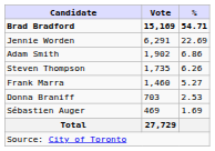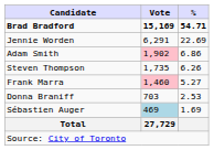 <table class="wikitable">
 <tr>
 <th style="background:#ddf; width:200px;">Candidate</th>
 <th style="background:#ddf; width:50px;">Vote</th>
 <th style="background:#ddf; width:30px;">%</th>
 </tr>
 <tr>
 <td><strong>Brad Bradford</strong></td>
 <td><strong>15,169</strong></td>
 <td><strong>54.71</strong></td>
 </tr>
 <tr>
 <td>Jennie Worden</td>
 <td>6,291</td>
 <td>22.69</td>
 </tr>
 <tr>
 <td>Adam Smith</td>
-<td>1,902</td>
+<td style="background: pink;">1,902</td>
 <td>6.86</td>
 </tr>
 <tr>
 <td>Steven Thompson</td>
 <td>1,735</td>
 <td>6.26</td>
 </tr>
 <tr>
 <td>Frank Marra</td>
-<td>1,460</td>
+<td style="background: pink;">1,460</td>
 <td>5.27</td>
 </tr>
 <tr>
 <td>Donna Braniff</td>
 <td>703</td>
 <td>2.53</td>
 </tr>
 <tr>
 <td>Sébastien Auger</td>
-<td>469</td>
+<td style="background: lightblue;">469</td>
 <td>1.69</td>
 </tr>
 <tr>
 <th><strong>Total</strong></th>
 <th>27,729</th>
 <th></th>
 </tr>
 <tr>
 <td colspan="3">Source: <a href='#'>City of Toronto</a></td>
 </tr>
 </table>
